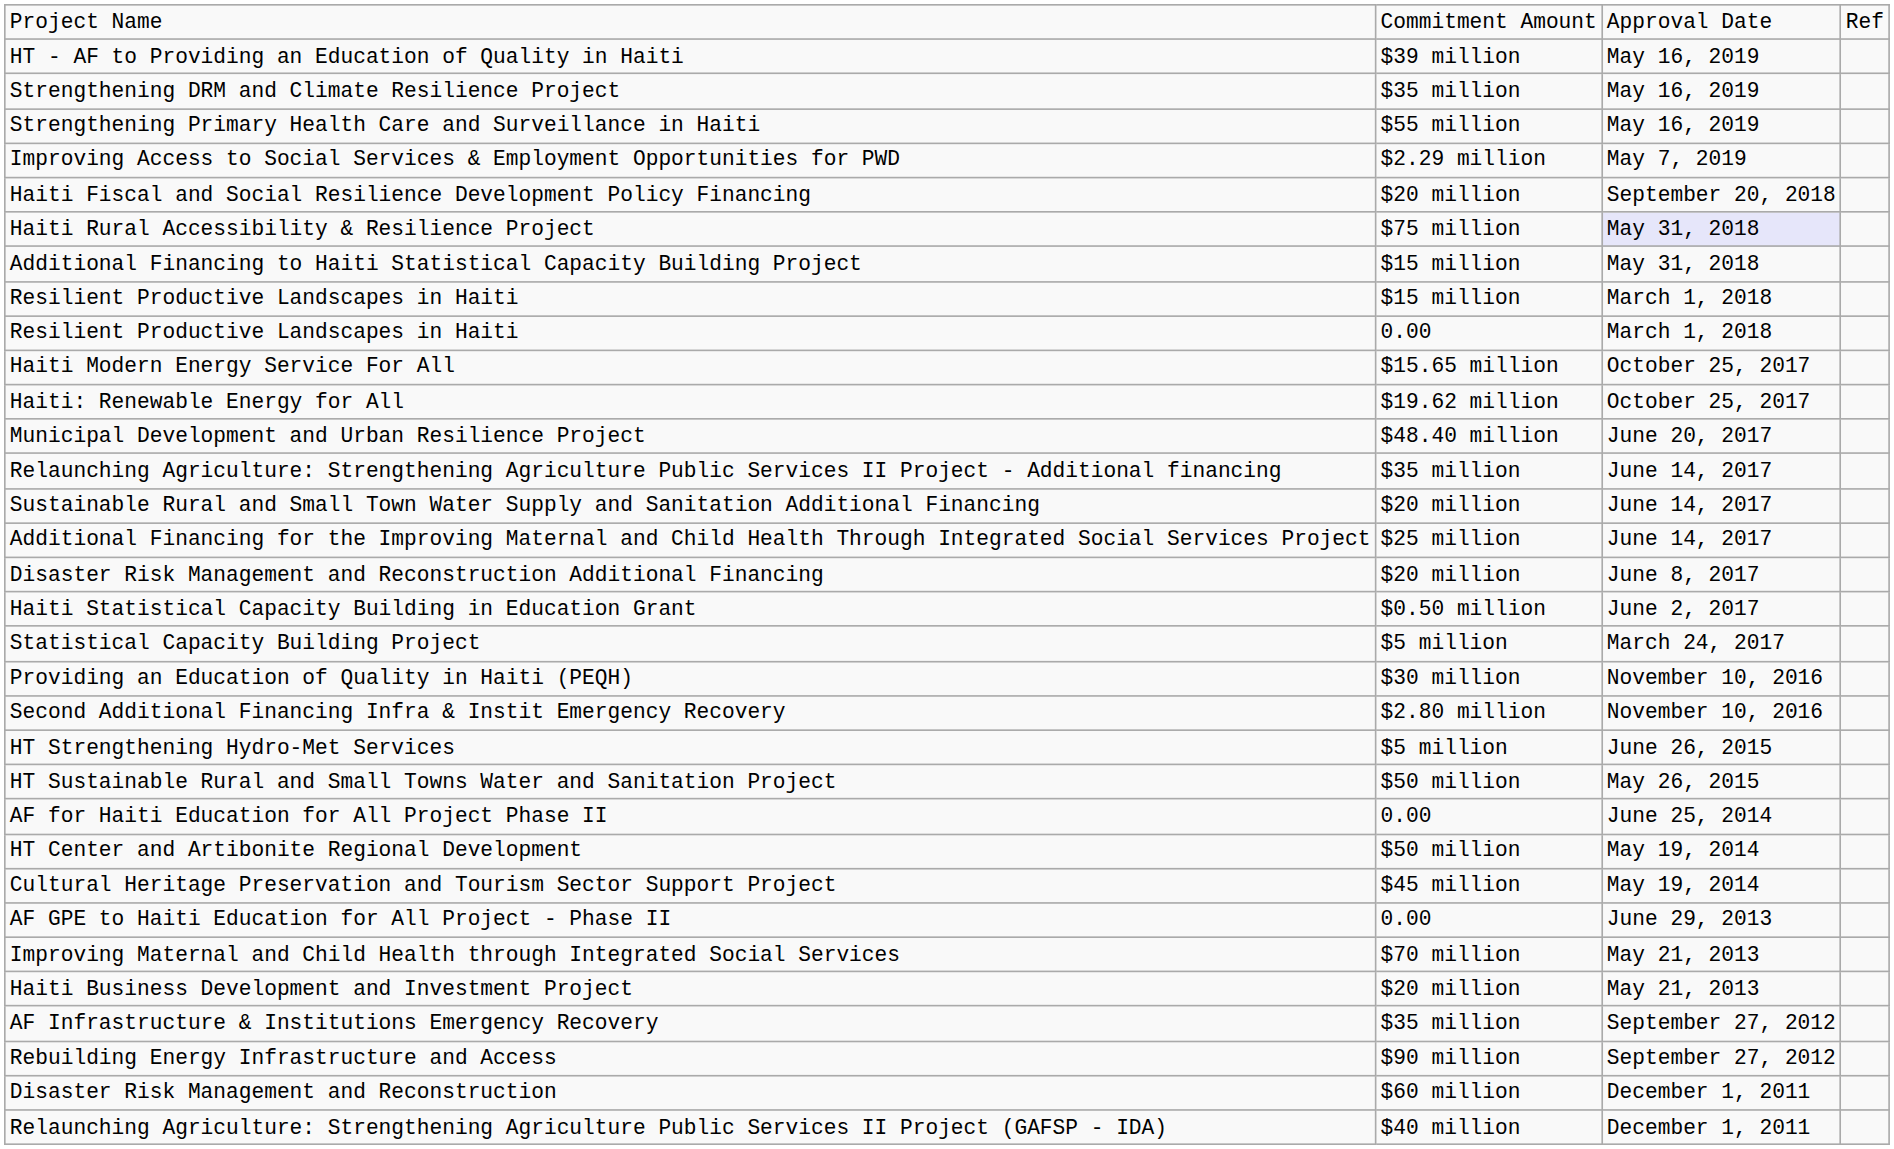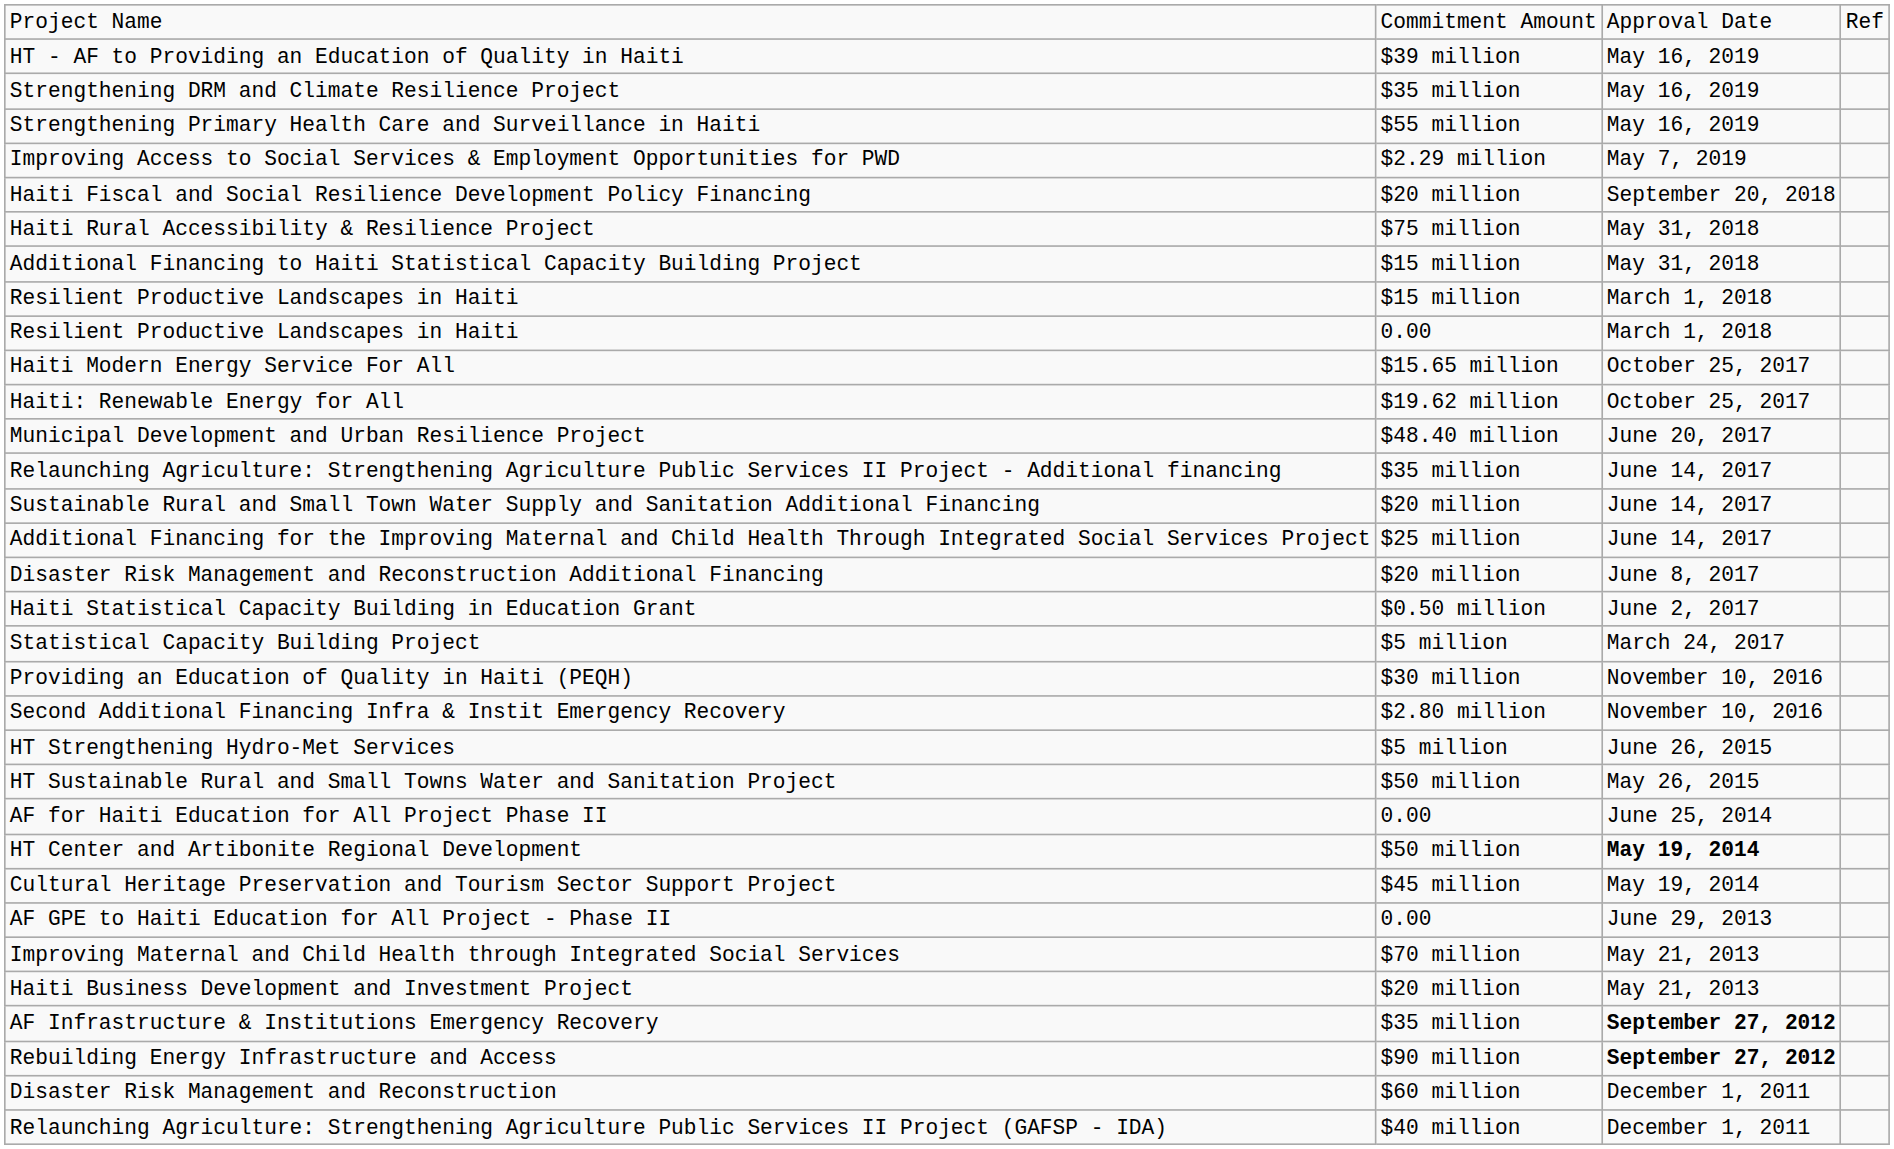 <table class="wikitable">
 <tr>
 <td>Project Name</td>
 <td>Commitment Amount</td>
 <td>Approval Date</td>
 <td>Ref</td>
 </tr>
 <tr>
 <td>HT - AF to Providing an Education of Quality in Haiti</td>
 <td>$39 million</td>
 <td>May 16, 2019</td>
 <td></td>
 </tr>
 <tr>
 <td>Strengthening DRM and Climate Resilience Project</td>
 <td>$35 million</td>
 <td>May 16, 2019</td>
 <td></td>
 </tr>
 <tr>
 <td>Strengthening Primary Health Care and Surveillance in Haiti</td>
 <td>$55 million</td>
 <td>May 16, 2019</td>
 <td></td>
 </tr>
 <tr>
 <td>Improving Access to Social Services & Employment Opportunities for PWD</td>
 <td>$2.29 million</td>
 <td>May 7, 2019</td>
 <td></td>
 </tr>
 <tr>
 <td>Haiti Fiscal and Social Resilience Development Policy Financing</td>
 <td>$20 million</td>
 <td>September 20, 2018</td>
 <td></td>
 </tr>
 <tr>
 <td>Haiti Rural Accessibility & Resilience Project</td>
 <td>$75 million</td>
-<td style="background: lavender;">May 31, 2018</td>
+<td>May 31, 2018</td>
 <td></td>
 </tr>
 <tr>
 <td>Additional Financing to Haiti Statistical Capacity Building Project</td>
 <td>$15 million</td>
 <td>May 31, 2018</td>
 <td></td>
 </tr>
 <tr>
 <td>Resilient Productive Landscapes in Haiti</td>
 <td>$15 million</td>
 <td>March 1, 2018</td>
 <td></td>
 </tr>
 <tr>
 <td>Resilient Productive Landscapes in Haiti</td>
 <td>0.00</td>
 <td>March 1, 2018</td>
 <td></td>
 </tr>
 <tr>
 <td>Haiti Modern Energy Service For All</td>
 <td>$15.65 million</td>
 <td>October 25, 2017</td>
 <td></td>
 </tr>
 <tr>
 <td>Haiti: Renewable Energy for All</td>
 <td>$19.62 million</td>
 <td>October 25, 2017</td>
 <td></td>
 </tr>
 <tr>
 <td>Municipal Development and Urban Resilience Project</td>
 <td>$48.40 million</td>
 <td>June 20, 2017</td>
 <td></td>
 </tr>
 <tr>
 <td>Relaunching Agriculture: Strengthening Agriculture Public Services II Project - Additional financing</td>
 <td>$35 million</td>
 <td>June 14, 2017</td>
 <td></td>
 </tr>
 <tr>
 <td>Sustainable Rural and Small Town Water Supply and Sanitation Additional Financing</td>
 <td>$20 million</td>
 <td>June 14, 2017</td>
 <td></td>
 </tr>
 <tr>
 <td>Additional Financing for the Improving Maternal and Child Health Through Integrated Social Services Project</td>
 <td>$25 million</td>
 <td>June 14, 2017</td>
 <td></td>
 </tr>
 <tr>
 <td>Disaster Risk Management and Reconstruction Additional Financing</td>
 <td>$20 million</td>
 <td>June 8, 2017</td>
 <td></td>
 </tr>
 <tr>
 <td>Haiti Statistical Capacity Building in Education Grant</td>
 <td>$0.50 million</td>
 <td>June 2, 2017</td>
 <td></td>
 </tr>
 <tr>
 <td>Statistical Capacity Building Project</td>
 <td>$5 million</td>
 <td>March 24, 2017</td>
 <td></td>
 </tr>
 <tr>
 <td>Providing an Education of Quality in Haiti (PEQH)</td>
 <td>$30 million</td>
 <td>November 10, 2016</td>
 <td></td>
 </tr>
 <tr>
 <td>Second Additional Financing Infra & Instit Emergency Recovery</td>
 <td>$2.80 million</td>
 <td>November 10, 2016</td>
 <td></td>
 </tr>
 <tr>
 <td>HT Strengthening Hydro-Met Services</td>
 <td>$5 million</td>
 <td>June 26, 2015</td>
 <td></td>
 </tr>
 <tr>
 <td>HT Sustainable Rural and Small Towns Water and Sanitation Project</td>
 <td>$50 million</td>
 <td>May 26, 2015</td>
 <td></td>
 </tr>
 <tr>
 <td>AF for Haiti Education for All Project Phase II</td>
 <td>0.00</td>
 <td>June 25, 2014</td>
 <td></td>
 </tr>
 <tr>
 <td>HT Center and Artibonite Regional Development</td>
 <td>$50 million</td>
-<td>May 19, 2014</td>
+<td><strong>May 19, 2014</strong></td>
 <td></td>
 </tr>
 <tr>
 <td>Cultural Heritage Preservation and Tourism Sector Support Project</td>
 <td>$45 million</td>
 <td>May 19, 2014</td>
 <td></td>
 </tr>
 <tr>
 <td>AF GPE to Haiti Education for All Project - Phase II</td>
 <td>0.00</td>
 <td>June 29, 2013</td>
 <td></td>
 </tr>
 <tr>
 <td>Improving Maternal and Child Health through Integrated Social Services</td>
 <td>$70 million</td>
 <td>May 21, 2013</td>
 <td></td>
 </tr>
 <tr>
 <td>Haiti Business Development and Investment Project</td>
 <td>$20 million</td>
 <td>May 21, 2013</td>
 <td></td>
 </tr>
 <tr>
 <td>AF Infrastructure & Institutions Emergency Recovery</td>
 <td>$35 million</td>
-<td>September 27, 2012</td>
+<td><strong>September 27, 2012</strong></td>
 <td></td>
 </tr>
 <tr>
 <td>Rebuilding Energy Infrastructure and Access</td>
 <td>$90 million</td>
-<td>September 27, 2012</td>
+<td><strong>September 27, 2012</strong></td>
 <td></td>
 </tr>
 <tr>
 <td>Disaster Risk Management and Reconstruction</td>
 <td>$60 million</td>
 <td>December 1, 2011</td>
 <td></td>
 </tr>
 <tr>
 <td>Relaunching Agriculture: Strengthening Agriculture Public Services II Project (GAFSP - IDA)</td>
 <td>$40 million</td>
 <td>December 1, 2011</td>
 <td></td>
 </tr>
 </table>
